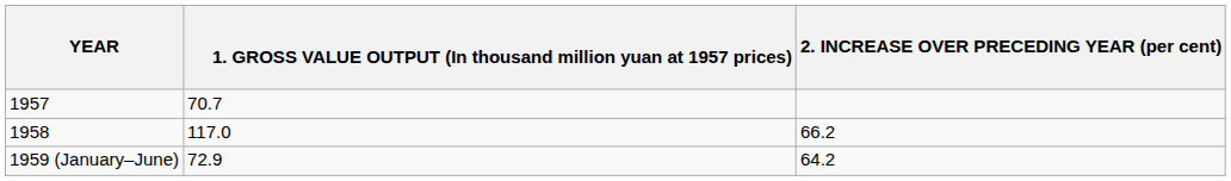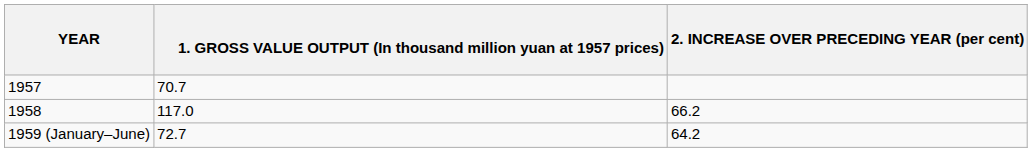 <table class="wikitable mw-collapsible">
 <tr>
 <th>YEAR</th>
 <th><br><ol><li>GROSS VALUE OUTPUT (In thousand million yuan at 1957 prices)</li></ol></th>
 <th>2. INCREASE OVER PRECEDING YEAR (per cent)</th>
 </tr>
 <tr>
 <td>1957</td>
 <td>70.7</td>
 <td></td>
 </tr>
 <tr>
 <td>1958</td>
 <td>117.0</td>
 <td>66.2</td>
 </tr>
 <tr>
 <td>1959 (January–June)</td>
-<td>72.9</td>
+<td>72.7</td>
 <td>64.2</td>
 </tr>
 </table>
